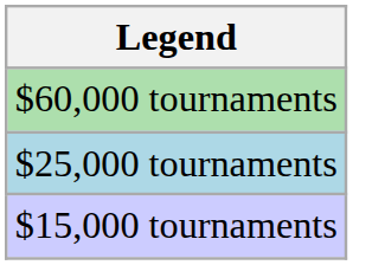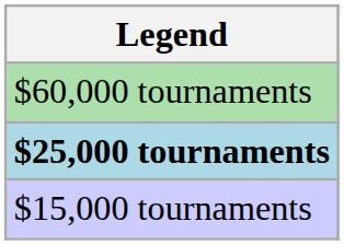 <table class=wikitable style="font-size:85%">
 <tr>
 <th>Legend</th>
 </tr>
 <tr style="background:#addfad;">
 <td>$60,000 tournaments</td>
 </tr>
 <tr style="background:lightblue;">
-<td>$25,000 tournaments</td>
+<td><strong>$25,000 tournaments</strong></td>
 </tr>
 <tr style="background:#ccccff;">
 <td>$15,000 tournaments</td>
 </tr>
 </table>
